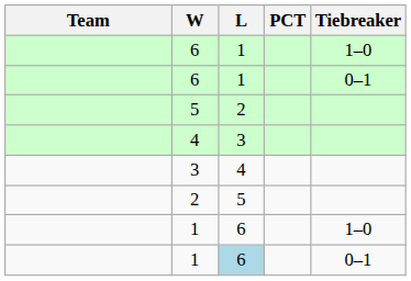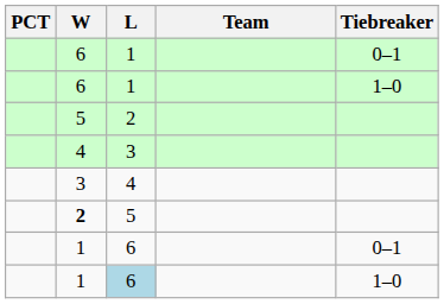 <table class=wikitable style="text-align:center;font-size:90%">
 <tr>
-<th width=125px>Team</th>
+<th width=30px>PCT</th>
 <th width=30px>W</th>
 <th width=30px>L</th>
-<th width=30px>PCT</th>
+<th width=125px>Team</th>
 <th width=30px>Tiebreaker<br></th>
 </tr>
 <tr bgcolor=#ccffcc>
-<td align=left></td>
+<td></td>
 <td>6</td>
 <td>1</td>
+<td align=left></td>
+<td>0–1</td>
+</tr>
+<tr bgcolor=#ccffcc>
 <td></td>
+<td>6</td>
+<td>1</td>
+<td align=left></td>
 <td>1–0</td>
 </tr>
 <tr bgcolor=#ccffcc>
-<td align=left></td>
-<td>6</td>
-<td>1</td>
 <td></td>
-<td>0–1</td>
-</tr>
-<tr bgcolor=#ccffcc>
-<td align=left></td>
 <td>5</td>
 <td>2</td>
-<td></td>
+<td align=left></td>
 <td></td>
 </tr>
 <tr bgcolor=#ccffcc>
-<td align=left></td>
+<td></td>
 <td>4</td>
 <td>3</td>
-<td></td>
+<td align=left></td>
 <td></td>
 </tr>
 <tr>
-<td align=left></td>
+<td></td>
 <td>3</td>
 <td>4</td>
-<td></td>
+<td align=left></td>
 <td></td>
 </tr>
 <tr>
+<td></td>
+<td><strong>2</strong></td>
+<td>5</td>
 <td align=left></td>
-<td>2</td>
-<td>5</td>
-<td></td>
 <td></td>
 </tr>
 <tr>
-<td align=left></td>
+<td></td>
 <td>1</td>
 <td>6</td>
+<td align=left></td>
+<td>0–1</td>
+</tr>
+<tr>
 <td></td>
+<td>1</td>
+<td style="background: lightblue;">6</td>
+<td align=left></td>
 <td>1–0</td>
 </tr>
-<tr>
-<td align=left></td>
-<td>1</td>
-<td style="background: lightblue;">6</td>
-<td></td>
-<td>0–1</td>
-</tr>
 </table>
